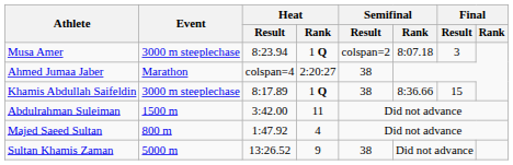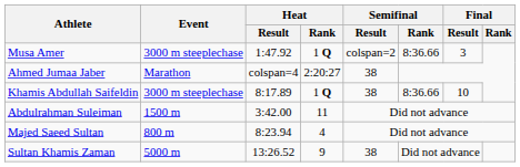 <table class=wikitable style="font-size:90%">
 <tr>
 <th rowspan="2">Athlete</th>
 <th rowspan="2">Event</th>
 <th colspan="2">Heat</th>
 <th colspan="2">Semifinal</th>
 <th colspan="2">Final</th>
 </tr>
 <tr style="font-size:95%">
 <th>Result</th>
 <th>Rank</th>
 <th>Result</th>
 <th>Rank</th>
 <th>Result</th>
 <th>Rank</th>
 </tr>
 <tr align=center>
 <td align=left><a href='#'>Musa Amer</a></td>
 <td align=left><a href='#'>3000 m steeplechase</a></td>
-<td>8:23.94</td>
+<td>1:47.92</td>
 <td>1 <strong>Q</strong></td>
 <td>colspan=2 </td>
-<td>8:07.18</td>
+<td>8:36.66</td>
 <td>3</td>
 </tr>
 <tr align=center>
 <td align=left><a href='#'>Ahmed Jumaa Jaber</a></td>
 <td align=left><a href='#'>Marathon</a></td>
 <td>colspan=4 </td>
 <td>2:20:27</td>
 <td>38</td>
 </tr>
 <tr align=center>
 <td align=left><a href='#'>Khamis Abdullah Saifeldin</a></td>
 <td align=left><a href='#'>3000 m steeplechase</a></td>
 <td>8:17.89</td>
 <td>1 <strong>Q</strong></td>
 <td>38</td>
 <td>8:36.66</td>
-<td>15</td>
+<td>10</td>
 </tr>
 <tr align=center>
 <td align=left><a href='#'>Abdulrahman Suleiman</a></td>
 <td align=left><a href='#'>1500 m</a></td>
 <td>3:42.00</td>
 <td>11</td>
 <td colspan=4>Did not advance</td>
 </tr>
 <tr align=center>
 <td align=left><a href='#'>Majed Saeed Sultan</a></td>
 <td align=left><a href='#'>800 m</a></td>
-<td>1:47.92</td>
+<td>8:23.94</td>
 <td>4</td>
 <td colspan=4>Did not advance</td>
 </tr>
 <tr align=center>
 <td align=left><a href='#'>Sultan Khamis Zaman</a></td>
 <td align=left><a href='#'>5000 m</a></td>
 <td>13:26.52</td>
 <td>9</td>
 <td>38</td>
 <td colspan=2>Did not advance</td>
 </tr>
 </table>
